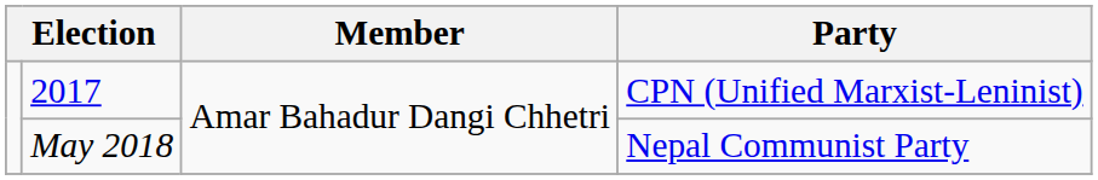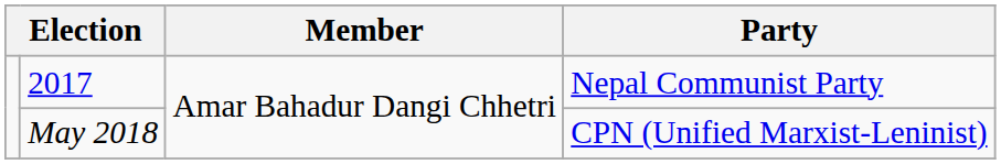 <table class="wikitable">
 <tr>
 <th colspan="2">Election</th>
 <th>Member</th>
 <th>Party</th>
 </tr>
 <tr>
 <td rowspan="2" style="background-color:"></td>
 <td><a href='#'>2017</a></td>
 <td rowspan="2">Amar Bahadur Dangi Chhetri</td>
-<td><a href='#'>CPN (Unified Marxist-Leninist)</a></td>
+<td><a href='#'>Nepal Communist Party</a></td>
 </tr>
 <tr>
 <td><em>May 2018</em></td>
-<td><a href='#'>Nepal Communist Party</a></td>
+<td><a href='#'>CPN (Unified Marxist-Leninist)</a></td>
 </tr>
 </table>
